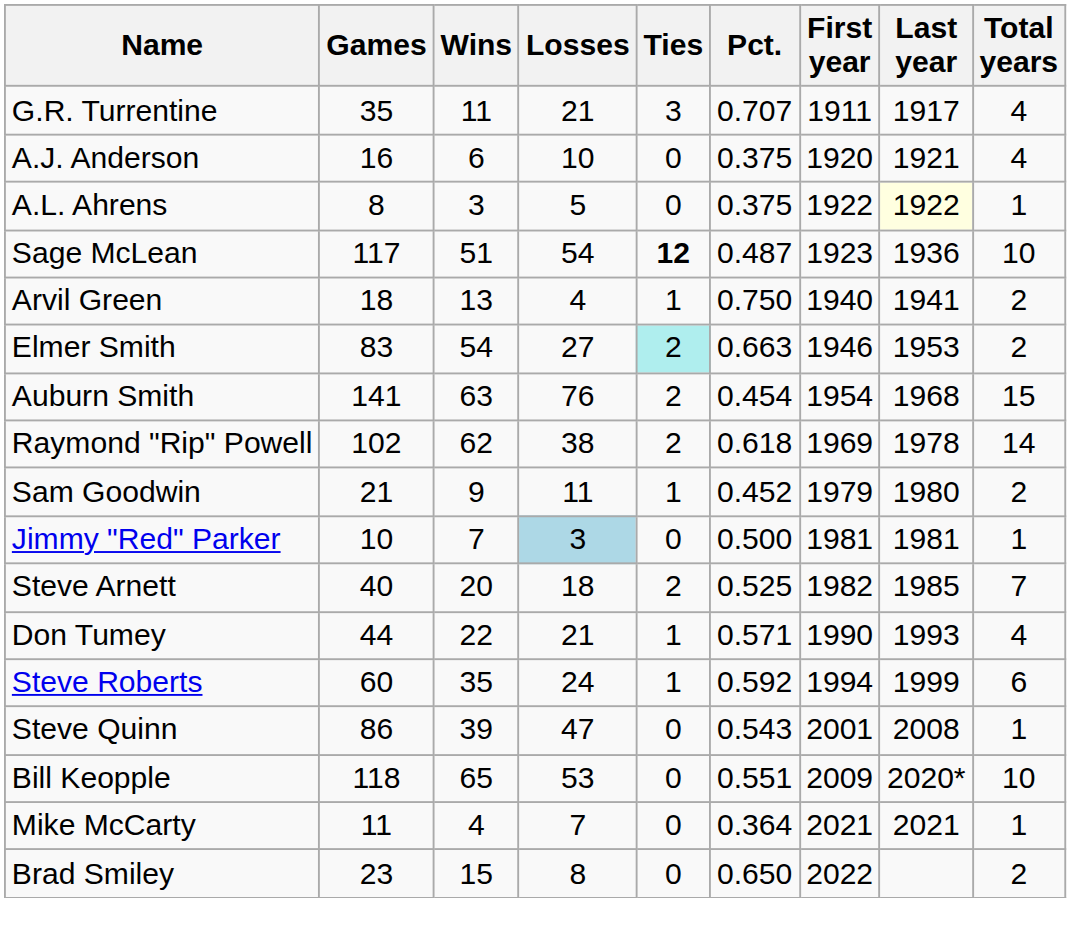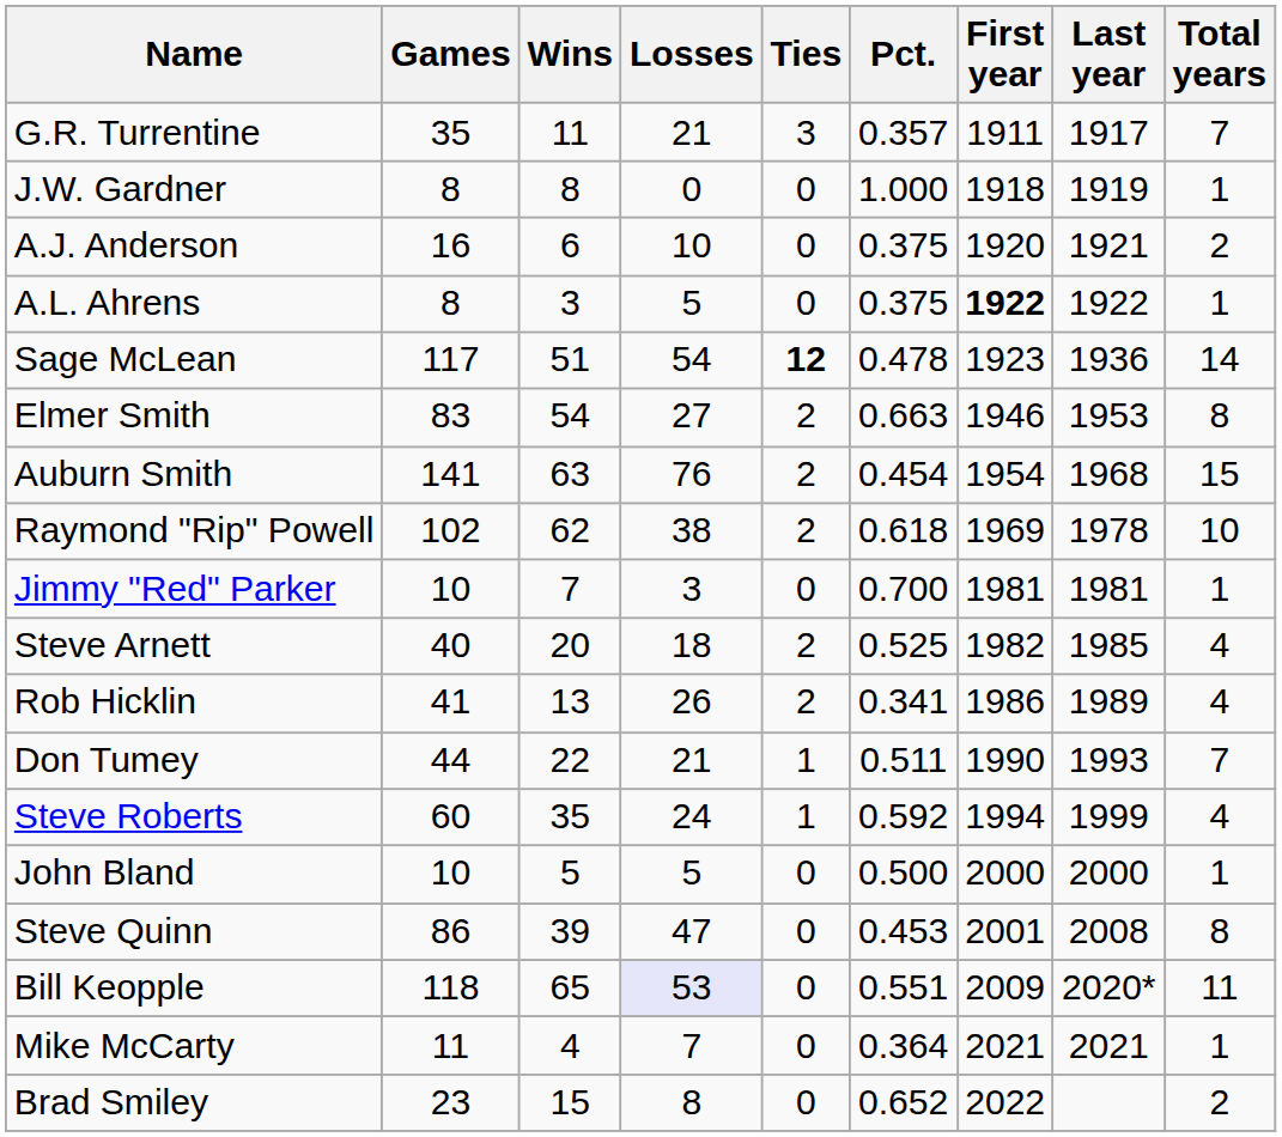 <table class="wikitable">
 <tr>
 <th width=px>Name</th>
 <th width=px>Games</th>
 <th width=px>Wins</th>
 <th width=px>Losses</th>
 <th width=px>Ties</th>
 <th width=px>Pct.</th>
 <th width=px>First<br>year</th>
 <th width=px>Last<br>year</th>
 <th width=px>Total<br>years</th>
 </tr>
 <tr>
 <td>G.R. Turrentine</td>
 <td align="center">35</td>
 <td align="center">11</td>
 <td align="center">21</td>
 <td align="center">3</td>
-<td align="center">0.707</td>
+<td align="center">0.357</td>
 <td align="center">1911</td>
 <td align="center">1917</td>
-<td align="center">4</td>
+<td align="center">7</td>
+</tr>
+<tr>
+<td>J.W. Gardner</td>
+<td align="center">8</td>
+<td align="center">8</td>
+<td align="center">0</td>
+<td align="center">0</td>
+<td align="center">1.000</td>
+<td align="center">1918</td>
+<td align="center">1919</td>
+<td align="center">1</td>
 </tr>
 <tr>
 <td>A.J. Anderson</td>
 <td align="center">16</td>
 <td align="center">6</td>
 <td align="center">10</td>
 <td align="center">0</td>
 <td align="center">0.375</td>
 <td align="center">1920</td>
 <td align="center">1921</td>
-<td align="center">4</td>
+<td align="center">2</td>
 </tr>
 <tr>
 <td>A.L. Ahrens</td>
 <td align="center">8</td>
 <td align="center">3</td>
 <td align="center">5</td>
 <td align="center">0</td>
 <td align="center">0.375</td>
+<td align="center"><strong>1922</strong></td>
 <td align="center">1922</td>
-<td align="center" style="background: lightyellow;">1922</td>
 <td align="center">1</td>
 </tr>
 <tr>
 <td>Sage McLean</td>
 <td align="center">117</td>
 <td align="center">51</td>
 <td align="center">54</td>
 <td align="center"><strong>12</strong></td>
-<td align="center">0.487</td>
+<td align="center">0.478</td>
 <td align="center">1923</td>
 <td align="center">1936</td>
-<td align="center">10</td>
-</tr>
-<tr>
-<td>Arvil Green</td>
-<td align="center">18</td>
-<td align="center">13</td>
-<td align="center">4</td>
-<td align="center">1</td>
-<td align="center">0.750</td>
-<td align="center">1940</td>
-<td align="center">1941</td>
-<td align="center">2</td>
+<td align="center">14</td>
 </tr>
 <tr>
 <td>Elmer Smith</td>
 <td align="center">83</td>
 <td align="center">54</td>
 <td align="center">27</td>
-<td align="center" style="background: paleturquoise;">2</td>
+<td align="center">2</td>
 <td align="center">0.663</td>
 <td align="center">1946</td>
 <td align="center">1953</td>
-<td align="center">2</td>
+<td align="center">8</td>
 </tr>
 <tr>
 <td>Auburn Smith</td>
 <td align="center">141</td>
 <td align="center">63</td>
 <td align="center">76</td>
 <td align="center">2</td>
 <td align="center">0.454</td>
 <td align="center">1954</td>
 <td align="center">1968</td>
 <td align="center">15</td>
 </tr>
 <tr>
 <td>Raymond "Rip" Powell</td>
 <td align="center">102</td>
 <td align="center">62</td>
 <td align="center">38</td>
 <td align="center">2</td>
 <td align="center">0.618</td>
 <td align="center">1969</td>
 <td align="center">1978</td>
-<td align="center">14</td>
-</tr>
-<tr>
-<td>Sam Goodwin</td>
-<td align="center">21</td>
-<td align="center">9</td>
-<td align="center">11</td>
-<td align="center">1</td>
-<td align="center">0.452</td>
-<td align="center">1979</td>
-<td align="center">1980</td>
-<td align="center">2</td>
+<td align="center">10</td>
 </tr>
 <tr>
 <td><a href='#'>Jimmy "Red" Parker</a></td>
 <td align="center">10</td>
 <td align="center">7</td>
-<td align="center" style="background: lightblue;">3</td>
+<td align="center">3</td>
 <td align="center">0</td>
-<td align="center">0.500</td>
+<td align="center">0.700</td>
 <td align="center">1981</td>
 <td align="center">1981</td>
 <td align="center">1</td>
 </tr>
 <tr>
 <td>Steve Arnett</td>
 <td align="center">40</td>
 <td align="center">20</td>
 <td align="center">18</td>
 <td align="center">2</td>
 <td align="center">0.525</td>
 <td align="center">1982</td>
 <td align="center">1985</td>
-<td align="center">7</td>
+<td align="center">4</td>
+</tr>
+<tr>
+<td>Rob Hicklin</td>
+<td align="center">41</td>
+<td align="center">13</td>
+<td align="center">26</td>
+<td align="center">2</td>
+<td align="center">0.341</td>
+<td align="center">1986</td>
+<td align="center">1989</td>
+<td align="center">4</td>
 </tr>
 <tr>
 <td>Don Tumey</td>
 <td align="center">44</td>
 <td align="center">22</td>
 <td align="center">21</td>
 <td align="center">1</td>
-<td align="center">0.571</td>
+<td align="center">0.511</td>
 <td align="center">1990</td>
 <td align="center">1993</td>
-<td align="center">4</td>
+<td align="center">7</td>
 </tr>
 <tr>
 <td><a href='#'>Steve Roberts</a></td>
 <td align="center">60</td>
 <td align="center">35</td>
 <td align="center">24</td>
 <td align="center">1</td>
 <td align="center">0.592</td>
 <td align="center">1994</td>
 <td align="center">1999</td>
-<td align="center">6</td>
+<td align="center">4</td>
+</tr>
+<tr>
+<td>John Bland</td>
+<td align="center">10</td>
+<td align="center">5</td>
+<td align="center">5</td>
+<td align="center">0</td>
+<td align="center">0.500</td>
+<td align="center">2000</td>
+<td align="center">2000</td>
+<td align="center">1</td>
 </tr>
 <tr>
 <td>Steve Quinn</td>
 <td align="center">86</td>
 <td align="center">39</td>
 <td align="center">47</td>
 <td align="center">0</td>
-<td align="center">0.543</td>
+<td align="center">0.453</td>
 <td align="center">2001</td>
 <td align="center">2008</td>
-<td align="center">1</td>
+<td align="center">8</td>
 </tr>
 <tr>
 <td>Bill Keopple</td>
 <td align="center">118</td>
 <td align="center">65</td>
-<td align="center">53</td>
+<td align="center" style="background: lavender;">53</td>
 <td align="center">0</td>
 <td align="center">0.551</td>
 <td align="center">2009</td>
 <td align="center">2020*</td>
-<td align="center">10</td>
+<td align="center">11</td>
 </tr>
 <tr>
 <td>Mike McCarty</td>
 <td align="center">11</td>
 <td align="center">4</td>
 <td align="center">7</td>
 <td align="center">0</td>
 <td align="center">0.364</td>
 <td align="center">2021</td>
 <td align="center">2021</td>
 <td align="center">1</td>
 </tr>
 <tr>
 <td>Brad Smiley</td>
 <td align="center">23</td>
 <td align="center">15</td>
 <td align="center">8</td>
 <td align="center">0</td>
-<td align="center">0.650</td>
+<td align="center">0.652</td>
 <td align="center">2022</td>
 <td align="center"></td>
 <td align="center">2</td>
 </tr>
 </table>
